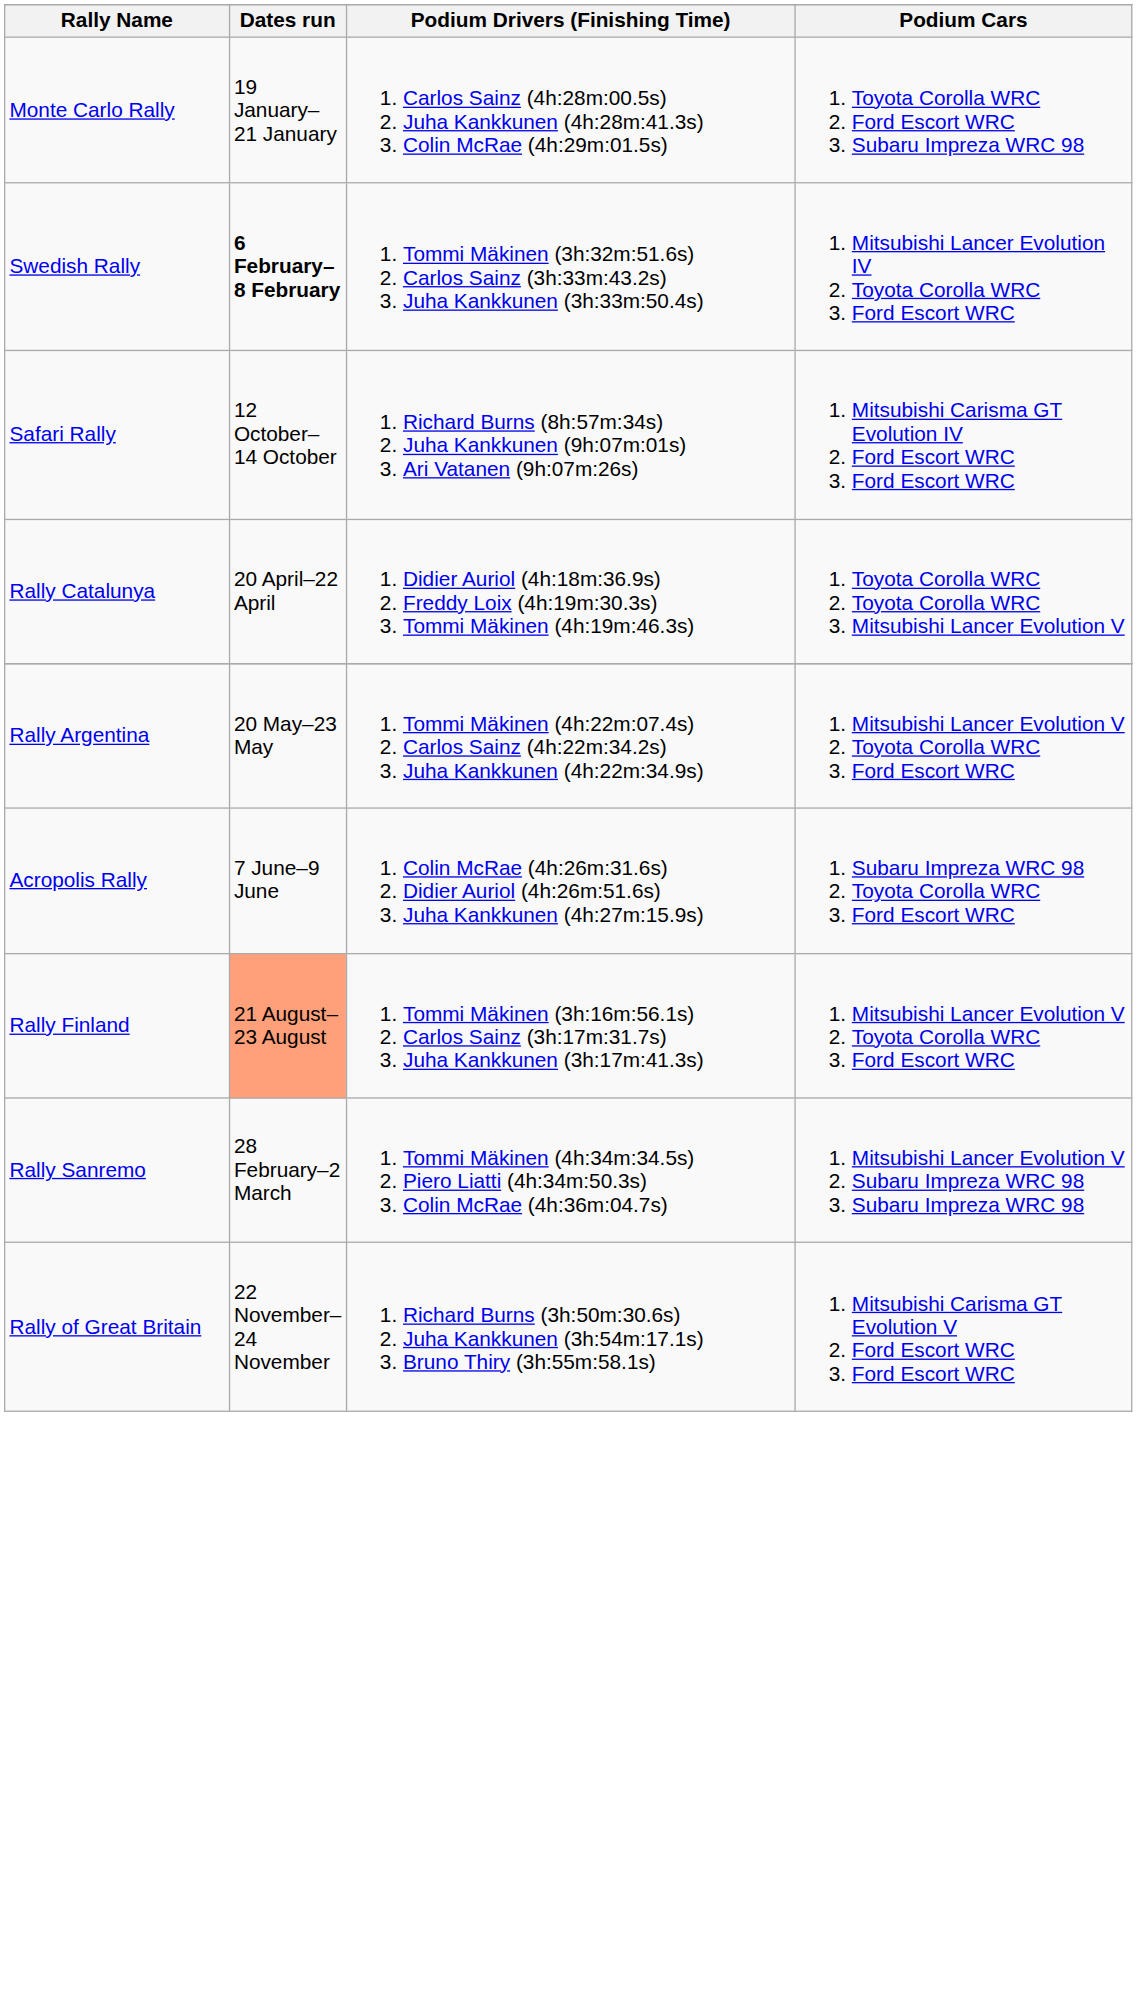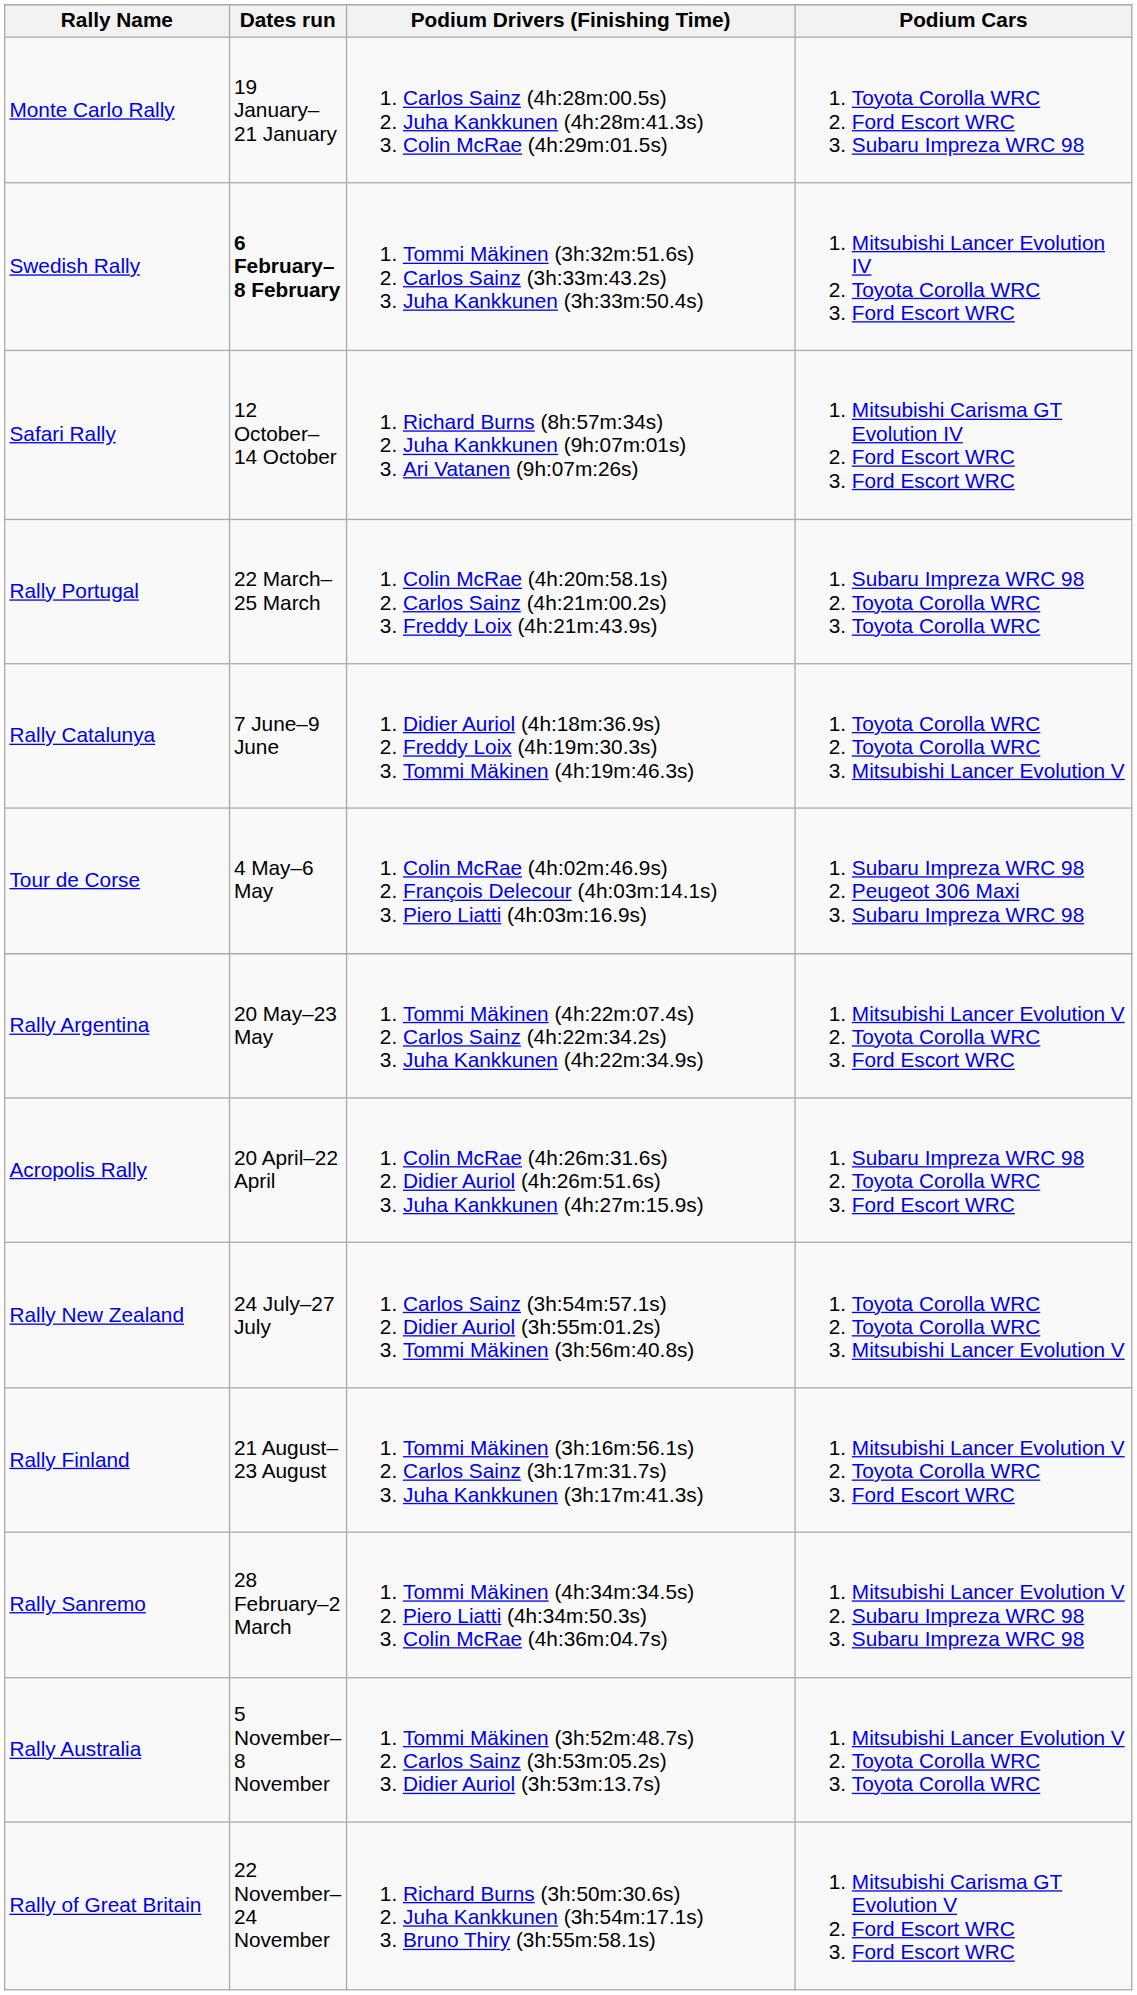 <table class="wikitable" align=center>
 <tr>
 </tr>
 <tr style="background:#efefef;">
 <th colspan=1 width=20%>Rally Name</th>
 <th colspan=1 width=10%>Dates run</th>
 <th colspan=1 width=40%>Podium Drivers (Finishing Time)</th>
 <th colspan=1 width=30%>Podium Cars</th>
 </tr>
 <tr>
 <td> <a href='#'>Monte Carlo Rally</a></td>
 <td>19 January–21 January</td>
 <td><br><ol><li> <a href='#'>Carlos Sainz</a> (4h:28m:00.5s)</li><li> <a href='#'>Juha Kankkunen</a> (4h:28m:41.3s)</li><li> <a href='#'>Colin McRae</a> (4h:29m:01.5s)</li></ol></td>
 <td><br><ol><li><a href='#'>Toyota Corolla WRC</a></li><li><a href='#'>Ford Escort WRC</a></li><li><a href='#'>Subaru Impreza WRC 98</a></li></ol></td>
 </tr>
 <tr>
 <td> <a href='#'>Swedish Rally</a></td>
 <td><strong>6 February–8 February</strong></td>
 <td><br><ol><li> <a href='#'>Tommi Mäkinen</a> (3h:32m:51.6s)</li><li> <a href='#'>Carlos Sainz</a> (3h:33m:43.2s)</li><li> <a href='#'>Juha Kankkunen</a> (3h:33m:50.4s)</li></ol></td>
 <td><br><ol><li><a href='#'>Mitsubishi Lancer Evolution IV</a></li><li><a href='#'>Toyota Corolla WRC</a></li><li><a href='#'>Ford Escort WRC</a></li></ol></td>
 </tr>
 <tr>
 <td> <a href='#'>Safari Rally</a></td>
 <td>12 October–14 October</td>
 <td><br><ol><li> <a href='#'>Richard Burns</a> (8h:57m:34s)</li><li> <a href='#'>Juha Kankkunen</a> (9h:07m:01s)</li><li> <a href='#'>Ari Vatanen</a> (9h:07m:26s)</li></ol></td>
 <td><br><ol><li><a href='#'>Mitsubishi Carisma GT Evolution IV</a></li><li><a href='#'>Ford Escort WRC</a></li><li><a href='#'>Ford Escort WRC</a></li></ol></td>
 </tr>
 <tr>
+<td> <a href='#'>Rally Portugal</a></td>
+<td>22 March–25 March</td>
+<td><br><ol><li> <a href='#'>Colin McRae</a> (4h:20m:58.1s)</li><li> <a href='#'>Carlos Sainz</a> (4h:21m:00.2s)</li><li> <a href='#'>Freddy Loix</a> (4h:21m:43.9s)</li></ol></td>
+<td><br><ol><li><a href='#'>Subaru Impreza WRC 98</a></li><li><a href='#'>Toyota Corolla WRC</a></li><li><a href='#'>Toyota Corolla WRC</a></li></ol></td>
+</tr>
+<tr>
 <td> <a href='#'>Rally Catalunya</a></td>
-<td>20 April–22 April</td>
+<td>7 June–9 June</td>
 <td><br><ol><li> <a href='#'>Didier Auriol</a> (4h:18m:36.9s)</li><li> <a href='#'>Freddy Loix</a> (4h:19m:30.3s)</li><li> <a href='#'>Tommi Mäkinen</a> (4h:19m:46.3s)</li></ol></td>
 <td><br><ol><li><a href='#'>Toyota Corolla WRC</a></li><li><a href='#'>Toyota Corolla WRC</a></li><li><a href='#'>Mitsubishi Lancer Evolution V</a></li></ol></td>
+</tr>
+<tr>
+<td> <a href='#'>Tour de Corse</a></td>
+<td>4 May–6 May</td>
+<td><br><ol><li> <a href='#'>Colin McRae</a> (4h:02m:46.9s)</li><li> <a href='#'>François Delecour</a> (4h:03m:14.1s)</li><li> <a href='#'>Piero Liatti</a> (4h:03m:16.9s)</li></ol></td>
+<td><br><ol><li><a href='#'>Subaru Impreza WRC 98</a></li><li><a href='#'>Peugeot 306 Maxi</a></li><li><a href='#'>Subaru Impreza WRC 98</a></li></ol></td>
 </tr>
 <tr>
 </tr>
 <tr>
 <td> <a href='#'>Rally Argentina</a></td>
 <td>20 May–23 May</td>
 <td><br><ol><li> <a href='#'>Tommi Mäkinen</a> (4h:22m:07.4s)</li><li> <a href='#'>Carlos Sainz</a> (4h:22m:34.2s)</li><li> <a href='#'>Juha Kankkunen</a> (4h:22m:34.9s)</li></ol></td>
 <td><br><ol><li><a href='#'>Mitsubishi Lancer Evolution V</a></li><li><a href='#'>Toyota Corolla WRC</a></li><li><a href='#'>Ford Escort WRC</a></li></ol></td>
 </tr>
 <tr>
 <td> <a href='#'>Acropolis Rally</a></td>
-<td>7 June–9 June</td>
+<td>20 April–22 April</td>
 <td><br><ol><li> <a href='#'>Colin McRae</a> (4h:26m:31.6s)</li><li> <a href='#'>Didier Auriol</a> (4h:26m:51.6s)</li><li> <a href='#'>Juha Kankkunen</a> (4h:27m:15.9s)</li></ol></td>
 <td><br><ol><li><a href='#'>Subaru Impreza WRC 98</a></li><li><a href='#'>Toyota Corolla WRC</a></li><li><a href='#'>Ford Escort WRC</a></li></ol></td>
 </tr>
 <tr>
+<td> <a href='#'>Rally New Zealand</a></td>
+<td>24 July–27 July</td>
+<td><br><ol><li> <a href='#'>Carlos Sainz</a> (3h:54m:57.1s)</li><li> <a href='#'>Didier Auriol</a> (3h:55m:01.2s)</li><li> <a href='#'>Tommi Mäkinen</a> (3h:56m:40.8s)</li></ol></td>
+<td><br><ol><li><a href='#'>Toyota Corolla WRC</a></li><li><a href='#'>Toyota Corolla WRC</a></li><li><a href='#'>Mitsubishi Lancer Evolution V</a></li></ol></td>
+</tr>
+<tr>
 <td> <a href='#'>Rally Finland</a></td>
-<td style="background: lightsalmon;">21 August–23 August</td>
+<td>21 August–23 August</td>
 <td><br><ol><li> <a href='#'>Tommi Mäkinen</a> (3h:16m:56.1s)</li><li> <a href='#'>Carlos Sainz</a> (3h:17m:31.7s)</li><li> <a href='#'>Juha Kankkunen</a> (3h:17m:41.3s)</li></ol></td>
 <td><br><ol><li><a href='#'>Mitsubishi Lancer Evolution V</a></li><li><a href='#'>Toyota Corolla WRC</a></li><li><a href='#'>Ford Escort WRC</a></li></ol></td>
 </tr>
 <tr>
 <td> <a href='#'>Rally Sanremo</a></td>
 <td>28 February–2 March</td>
 <td><br><ol><li> <a href='#'>Tommi Mäkinen</a> (4h:34m:34.5s)</li><li> <a href='#'>Piero Liatti</a> (4h:34m:50.3s)</li><li> <a href='#'>Colin McRae</a> (4h:36m:04.7s)</li></ol></td>
 <td><br><ol><li><a href='#'>Mitsubishi Lancer Evolution V</a></li><li><a href='#'>Subaru Impreza WRC 98</a></li><li><a href='#'>Subaru Impreza WRC 98</a></li></ol></td>
 </tr>
 <tr>
+<td> <a href='#'>Rally Australia</a></td>
+<td>5 November–8 November</td>
+<td><br><ol><li> <a href='#'>Tommi Mäkinen</a> (3h:52m:48.7s)</li><li> <a href='#'>Carlos Sainz</a> (3h:53m:05.2s)</li><li> <a href='#'>Didier Auriol</a> (3h:53m:13.7s)</li></ol></td>
+<td><br><ol><li><a href='#'>Mitsubishi Lancer Evolution V</a></li><li><a href='#'>Toyota Corolla WRC</a></li><li><a href='#'>Toyota Corolla WRC</a></li></ol></td>
+</tr>
+<tr>
 <td> <a href='#'>Rally of Great Britain</a></td>
 <td>22 November–24 November</td>
 <td><br><ol><li> <a href='#'>Richard Burns</a> (3h:50m:30.6s)</li><li> <a href='#'>Juha Kankkunen</a> (3h:54m:17.1s)</li><li> <a href='#'>Bruno Thiry</a> (3h:55m:58.1s)</li></ol></td>
 <td><br><ol><li><a href='#'>Mitsubishi Carisma GT Evolution V</a></li><li><a href='#'>Ford Escort WRC</a></li><li><a href='#'>Ford Escort WRC</a></li></ol></td>
 </tr>
 </table>
